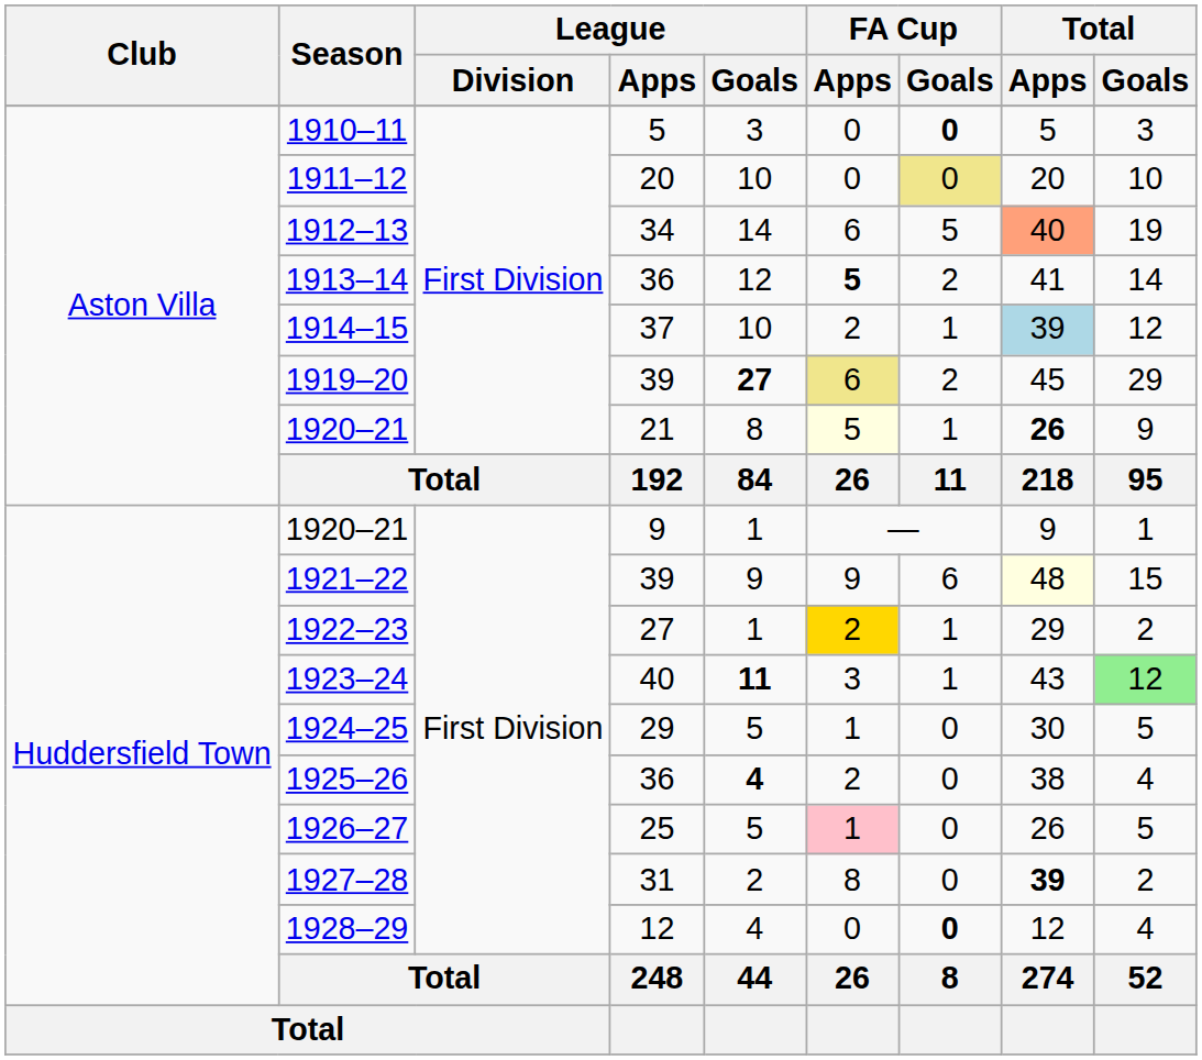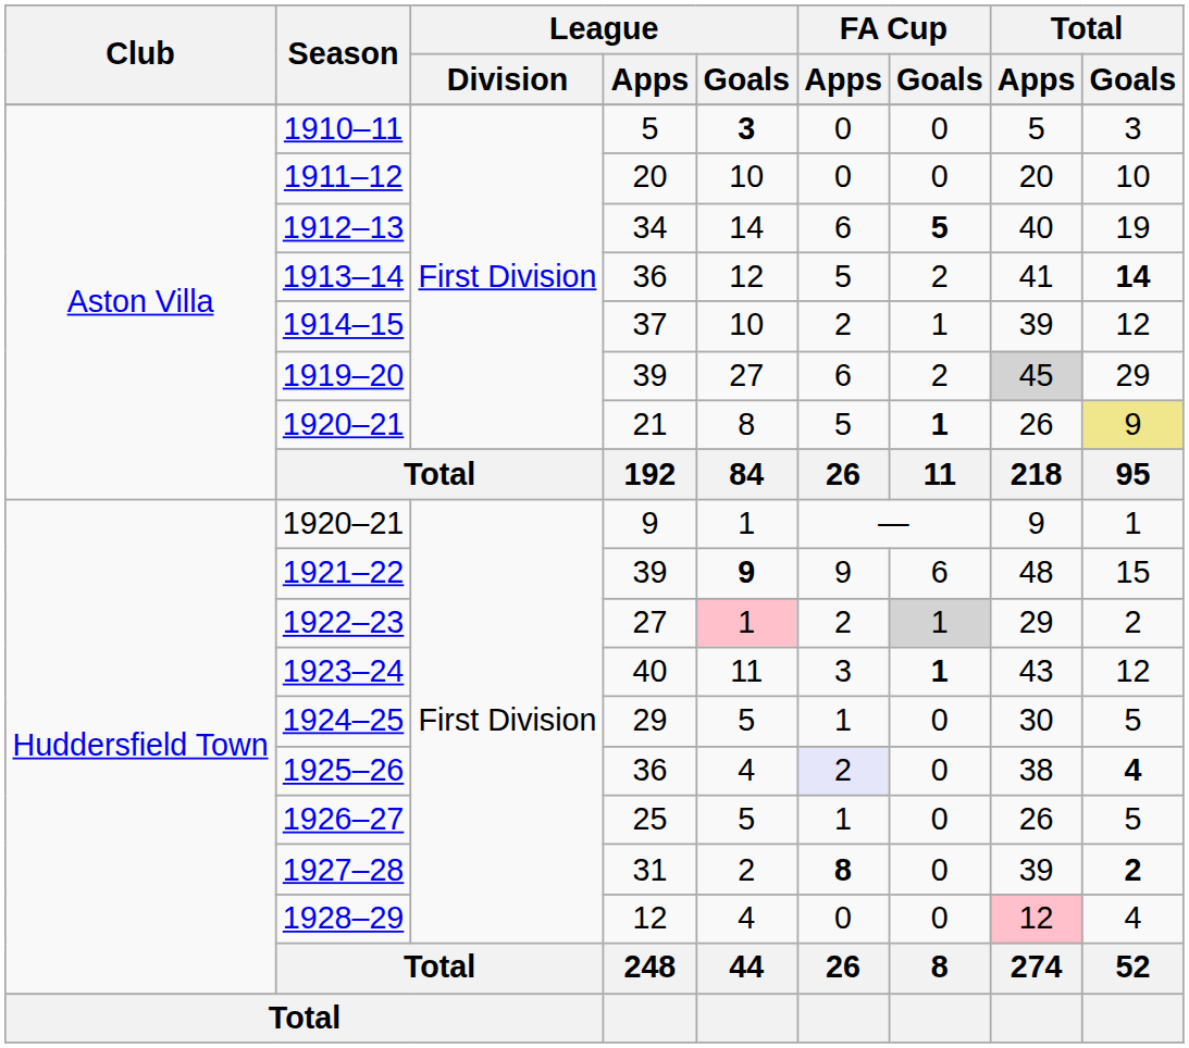 <table class="wikitable" style="text-align:center">
 <tr>
 <th rowspan="2">Club</th>
 <th rowspan="2">Season</th>
 <th colspan="3">League</th>
 <th colspan="2">FA Cup</th>
 <th colspan=2>Total</th>
 </tr>
 <tr>
 <th>Division</th>
 <th>Apps</th>
 <th>Goals</th>
 <th>Apps</th>
 <th>Goals</th>
 <th>Apps</th>
 <th>Goals</th>
 </tr>
 <tr>
 </tr>
 <tr>
 <td rowspan="8"><a href='#'>Aston Villa</a></td>
 <td><a href='#'>1910–11</a></td>
 <td rowspan="7"><a href='#'>First Division</a></td>
 <td>5</td>
-<td>3</td>
+<td><strong>3</strong></td>
 <td>0</td>
-<td><strong>0</strong></td>
+<td>0</td>
 <td>5</td>
 <td>3</td>
 </tr>
 <tr>
 <td><a href='#'>1911–12</a></td>
 <td>20</td>
 <td>10</td>
 <td>0</td>
-<td style="background: khaki;">0</td>
+<td>0</td>
 <td>20</td>
 <td>10</td>
 </tr>
 <tr>
 <td><a href='#'>1912–13</a></td>
 <td>34</td>
 <td>14</td>
 <td>6</td>
-<td>5</td>
-<td style="background: lightsalmon;">40</td>
+<td><strong>5</strong></td>
+<td>40</td>
 <td>19</td>
 </tr>
 <tr>
 <td><a href='#'>1913–14</a></td>
 <td>36</td>
 <td>12</td>
-<td><strong>5</strong></td>
+<td>5</td>
 <td>2</td>
 <td>41</td>
-<td>14</td>
+<td><strong>14</strong></td>
 </tr>
 <tr>
 <td><a href='#'>1914–15</a></td>
 <td>37</td>
 <td>10</td>
 <td>2</td>
 <td>1</td>
-<td style="background: lightblue;">39</td>
+<td>39</td>
 <td>12</td>
 </tr>
 <tr>
 <td><a href='#'>1919–20</a></td>
 <td>39</td>
-<td><strong>27</strong></td>
-<td style="background: khaki;">6</td>
+<td>27</td>
+<td>6</td>
 <td>2</td>
-<td>45</td>
+<td style="background: lightgrey;">45</td>
 <td>29</td>
 </tr>
 <tr>
 <td><a href='#'>1920–21</a></td>
 <td>21</td>
 <td>8</td>
-<td style="background: lightyellow;">5</td>
-<td>1</td>
-<td><strong>26</strong></td>
-<td>9</td>
+<td>5</td>
+<td><strong>1</strong></td>
+<td>26</td>
+<td style="background: khaki;">9</td>
 </tr>
 <tr>
 <th colspan="2">Total</th>
 <th>192</th>
 <th>84</th>
 <th>26</th>
 <th>11</th>
 <th>218</th>
 <th>95</th>
 </tr>
 <tr>
 <td rowspan="10"><a href='#'>Huddersfield Town</a></td>
 <td>1920–21</td>
 <td rowspan="9">First Division</td>
 <td>9</td>
 <td>1</td>
 <td colspan="2">—</td>
 <td>9</td>
 <td>1</td>
 </tr>
 <tr>
 <td><a href='#'>1921–22</a></td>
 <td>39</td>
-<td>9</td>
+<td><strong>9</strong></td>
 <td>9</td>
 <td>6</td>
-<td style="background: lightyellow;">48</td>
+<td>48</td>
 <td>15</td>
 </tr>
 <tr>
 <td><a href='#'>1922–23</a></td>
 <td>27</td>
-<td>1</td>
-<td style="background: gold;">2</td>
-<td>1</td>
+<td style="background: pink;">1</td>
+<td>2</td>
+<td style="background: lightgrey;">1</td>
 <td>29</td>
 <td>2</td>
 </tr>
 <tr>
 <td><a href='#'>1923–24</a></td>
 <td>40</td>
-<td><strong>11</strong></td>
+<td>11</td>
 <td>3</td>
-<td>1</td>
+<td><strong>1</strong></td>
 <td>43</td>
-<td style="background: lightgreen;">12</td>
+<td>12</td>
 </tr>
 <tr>
 <td><a href='#'>1924–25</a></td>
 <td>29</td>
 <td>5</td>
 <td>1</td>
 <td>0</td>
 <td>30</td>
 <td>5</td>
 </tr>
 <tr>
 <td><a href='#'>1925–26</a></td>
 <td>36</td>
-<td><strong>4</strong></td>
-<td>2</td>
+<td>4</td>
+<td style="background: lavender;">2</td>
 <td>0</td>
 <td>38</td>
-<td>4</td>
+<td><strong>4</strong></td>
 </tr>
 <tr>
 <td><a href='#'>1926–27</a></td>
 <td>25</td>
 <td>5</td>
-<td style="background: pink;">1</td>
+<td>1</td>
 <td>0</td>
 <td>26</td>
 <td>5</td>
 </tr>
 <tr>
 <td><a href='#'>1927–28</a></td>
 <td>31</td>
 <td>2</td>
-<td>8</td>
+<td><strong>8</strong></td>
 <td>0</td>
-<td><strong>39</strong></td>
-<td>2</td>
+<td>39</td>
+<td><strong>2</strong></td>
 </tr>
 <tr>
 <td><a href='#'>1928–29</a></td>
 <td>12</td>
 <td>4</td>
 <td>0</td>
-<td><strong>0</strong></td>
-<td>12</td>
+<td>0</td>
+<td style="background: pink;">12</td>
 <td>4</td>
 </tr>
 <tr>
 <th colspan="2">Total</th>
 <th>248</th>
 <th>44</th>
 <th>26</th>
 <th>8</th>
 <th>274</th>
 <th>52</th>
 </tr>
 <tr>
 <th colspan="3">Total</th>
 <th></th>
 <th></th>
 <th></th>
 <th></th>
 <th></th>
 <th></th>
 </tr>
 </table>
